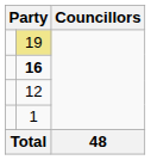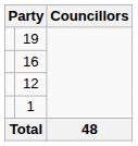 <table class="wikitable">
 <tr>
 <th colspan=2>Party</th>
 <th>Councillors</th>
 </tr>
 <tr>
 <td></td>
-<td align=center style="background: khaki;">19</td>
+<td align=center>19</td>
 </tr>
 <tr>
 <td></td>
-<td align=center><strong>16</strong></td>
+<td align=center>16</td>
 </tr>
 <tr>
 <td></td>
 <td align=center>12</td>
 </tr>
 <tr>
 <td></td>
 <td align=center>1</td>
 </tr>
 <tr>
 <th colspan=2>Total</th>
 <th>48</th>
 </tr>
 </table>
